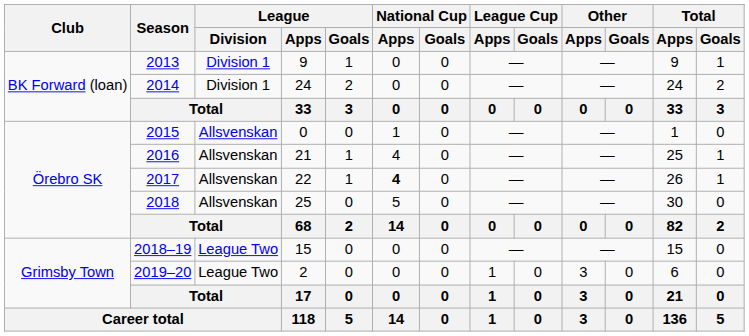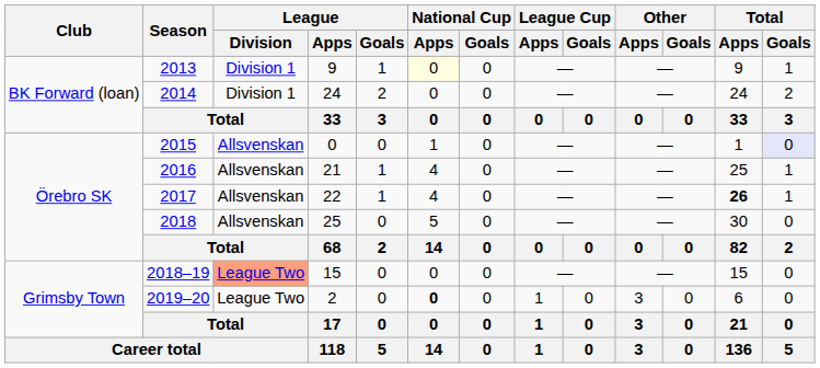 <table class="wikitable" style="text-align:center">
 <tr>
 <th rowspan="2">Club</th>
 <th rowspan="2">Season</th>
 <th colspan="3">League</th>
 <th colspan="2">National Cup</th>
 <th colspan="2">League Cup</th>
 <th colspan="2">Other</th>
 <th colspan="2">Total</th>
 </tr>
 <tr>
 <th>Division</th>
 <th>Apps</th>
 <th>Goals</th>
 <th>Apps</th>
 <th>Goals</th>
 <th>Apps</th>
 <th>Goals</th>
 <th>Apps</th>
 <th>Goals</th>
 <th>Apps</th>
 <th>Goals</th>
 </tr>
 <tr>
 <td rowspan="3"><a href='#'>BK Forward</a> (loan)</td>
 <td><a href='#'>2013</a></td>
 <td><a href='#'>Division 1</a></td>
 <td>9</td>
 <td>1</td>
-<td>0</td>
+<td style="background: lightyellow;">0</td>
 <td>0</td>
 <td colspan="2">—</td>
 <td colspan="2">—</td>
 <td>9</td>
 <td>1</td>
 </tr>
 <tr>
 <td><a href='#'>2014</a></td>
 <td>Division 1</td>
 <td>24</td>
 <td>2</td>
 <td>0</td>
 <td>0</td>
 <td colspan="2">—</td>
 <td colspan="2">—</td>
 <td>24</td>
 <td>2</td>
 </tr>
 <tr>
 <th colspan="2">Total</th>
 <th>33</th>
 <th>3</th>
 <th>0</th>
 <th>0</th>
 <th>0</th>
 <th>0</th>
 <th>0</th>
 <th>0</th>
 <th>33</th>
 <th>3</th>
 </tr>
 <tr>
 <td rowspan="5"><a href='#'>Örebro SK</a></td>
 <td><a href='#'>2015</a></td>
 <td><a href='#'>Allsvenskan</a></td>
 <td>0</td>
 <td>0</td>
 <td>1</td>
 <td>0</td>
 <td colspan="2">—</td>
 <td colspan="2">—</td>
 <td>1</td>
-<td>0</td>
+<td style="background: lavender;">0</td>
 </tr>
 <tr>
 <td><a href='#'>2016</a></td>
 <td>Allsvenskan</td>
 <td>21</td>
 <td>1</td>
 <td>4</td>
 <td>0</td>
 <td colspan="2">—</td>
 <td colspan="2">—</td>
 <td>25</td>
 <td>1</td>
 </tr>
 <tr>
 <td><a href='#'>2017</a></td>
 <td>Allsvenskan</td>
 <td>22</td>
 <td>1</td>
-<td><strong>4</strong></td>
+<td>4</td>
 <td>0</td>
 <td colspan="2">—</td>
 <td colspan="2">—</td>
-<td>26</td>
+<td><strong>26</strong></td>
 <td>1</td>
 </tr>
 <tr>
 <td><a href='#'>2018</a></td>
 <td>Allsvenskan</td>
 <td>25</td>
 <td>0</td>
 <td>5</td>
 <td>0</td>
 <td colspan="2">—</td>
 <td colspan="2">—</td>
 <td>30</td>
 <td>0</td>
 </tr>
 <tr>
 <th colspan="2">Total</th>
 <th>68</th>
 <th>2</th>
 <th>14</th>
 <th>0</th>
 <th>0</th>
 <th>0</th>
 <th>0</th>
 <th>0</th>
 <th>82</th>
 <th>2</th>
 </tr>
 <tr>
 <td rowspan="3"><a href='#'>Grimsby Town</a></td>
 <td><a href='#'>2018–19</a></td>
-<td><a href='#'>League Two</a></td>
+<td style="background: lightsalmon;"><a href='#'>League Two</a></td>
 <td>15</td>
 <td>0</td>
 <td>0</td>
 <td>0</td>
 <td colspan="2">—</td>
 <td colspan="2">—</td>
 <td>15</td>
 <td>0</td>
 </tr>
 <tr>
 <td><a href='#'>2019–20</a></td>
 <td>League Two</td>
 <td>2</td>
 <td>0</td>
-<td>0</td>
+<td><strong>0</strong></td>
 <td>0</td>
 <td>1</td>
 <td>0</td>
 <td>3</td>
 <td>0</td>
 <td>6</td>
 <td>0</td>
 </tr>
 <tr>
 <th colspan="2">Total</th>
 <th>17</th>
 <th>0</th>
 <th>0</th>
 <th>0</th>
 <th>1</th>
 <th>0</th>
 <th>3</th>
 <th>0</th>
 <th>21</th>
 <th>0</th>
 </tr>
 <tr>
 <th colspan="3">Career total</th>
 <th>118</th>
 <th>5</th>
 <th>14</th>
 <th>0</th>
 <th>1</th>
 <th>0</th>
 <th>3</th>
 <th>0</th>
 <th>136</th>
 <th>5</th>
 </tr>
 </table>
